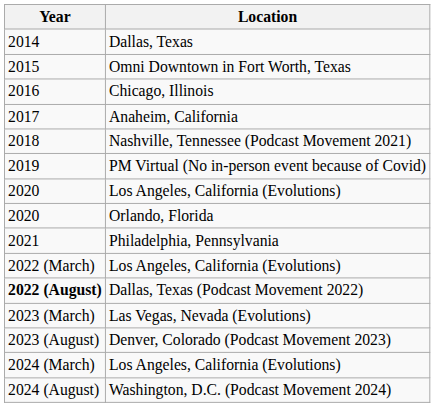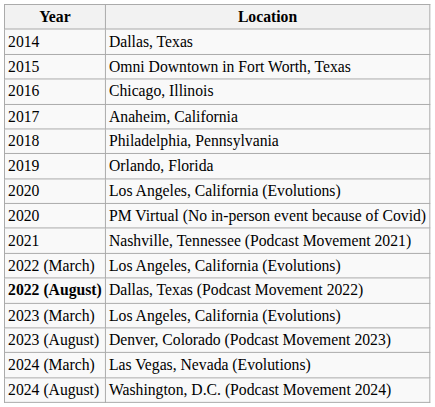 <table class="wikitable">
 <tr>
 <th>Year</th>
 <th>Location</th>
 </tr>
 <tr>
 <td>2014</td>
 <td>Dallas, Texas</td>
 </tr>
 <tr>
 <td>2015</td>
 <td>Omni Downtown in Fort Worth, Texas</td>
 </tr>
 <tr>
 <td>2016</td>
 <td>Chicago, Illinois</td>
 </tr>
 <tr>
 <td>2017</td>
 <td>Anaheim, California</td>
 </tr>
 <tr>
 <td>2018</td>
-<td>Nashville, Tennessee (Podcast Movement 2021)</td>
+<td>Philadelphia, Pennsylvania</td>
 </tr>
 <tr>
 <td>2019</td>
-<td>PM Virtual (No in-person event because of Covid)</td>
+<td>Orlando, Florida</td>
 </tr>
 <tr>
 <td>2020</td>
 <td>Los Angeles, California (Evolutions)</td>
 </tr>
 <tr>
 <td>2020</td>
-<td>Orlando, Florida</td>
+<td>PM Virtual (No in-person event because of Covid)</td>
 </tr>
 <tr>
 <td>2021</td>
-<td>Philadelphia, Pennsylvania</td>
+<td>Nashville, Tennessee (Podcast Movement 2021)</td>
 </tr>
 <tr>
 <td>2022 (March)</td>
 <td>Los Angeles, California (Evolutions)</td>
 </tr>
 <tr>
 <td><strong>2022 (August)</strong></td>
 <td>Dallas, Texas (Podcast Movement 2022)</td>
 </tr>
 <tr>
 <td>2023 (March)</td>
-<td>Las Vegas, Nevada (Evolutions)</td>
+<td>Los Angeles, California (Evolutions)</td>
 </tr>
 <tr>
 <td>2023 (August)</td>
 <td>Denver, Colorado (Podcast Movement 2023)</td>
 </tr>
 <tr>
 <td>2024 (March)</td>
-<td>Los Angeles, California (Evolutions)</td>
+<td>Las Vegas, Nevada (Evolutions)</td>
 </tr>
 <tr>
 <td>2024 (August)</td>
 <td>Washington, D.C. (Podcast Movement 2024)</td>
 </tr>
 </table>
